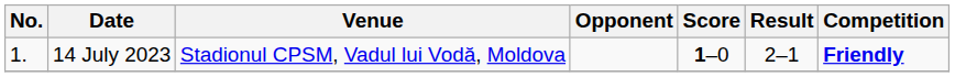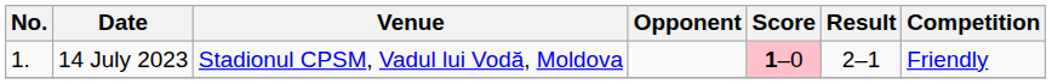 <table class="wikitable">
 <tr>
 <th>No.</th>
 <th>Date</th>
 <th>Venue</th>
 <th>Opponent</th>
 <th>Score</th>
 <th>Result</th>
 <th>Competition</th>
 </tr>
 <tr>
 <td>1.</td>
 <td>14 July 2023</td>
 <td><a href='#'>Stadionul CPSM</a>, <a href='#'>Vadul lui Vodă</a>, <a href='#'>Moldova</a></td>
 <td></td>
-<td align=center><strong>1</strong>–0</td>
+<td align=center style="background: pink;"><strong>1</strong>–0</td>
 <td align=center>2–1</td>
-<td><strong><a href='#'>Friendly</a></strong></td>
+<td><a href='#'>Friendly</a></td>
 </tr>
 <tr>
 </tr>
 </table>
